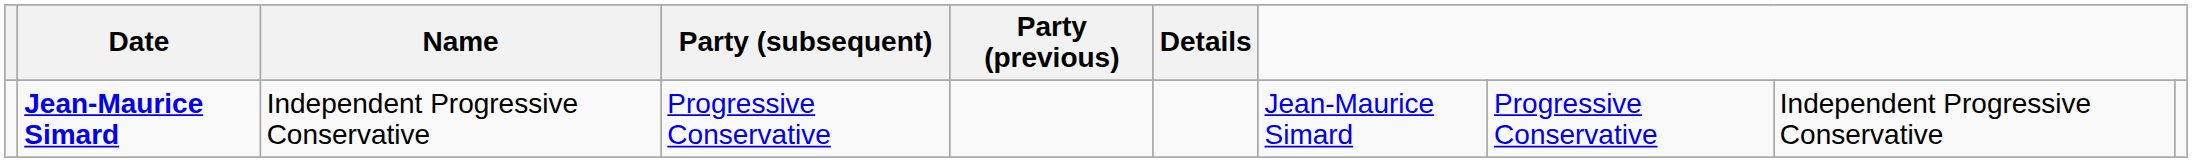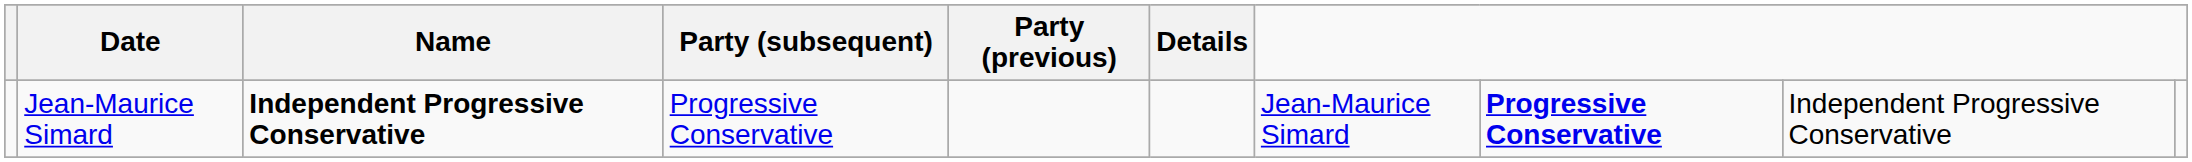 <table class="sortable wikitable">
 <tr>
 <th class="unsortable"></th>
 <th>Date</th>
 <th>Name</th>
 <th>Party (subsequent)</th>
 <th>Party (previous)</th>
 <th>Details</th>
 </tr>
 <tr>
 <td></td>
-<td><strong><a href='#'>Jean-Maurice Simard</a></strong></td>
-<td>Independent Progressive Conservative</td>
+<td><a href='#'>Jean-Maurice Simard</a></td>
+<td><strong>Independent Progressive Conservative</strong></td>
 <td><a href='#'>Progressive Conservative</a></td>
 <td><br></td>
 <td></td>
 <td><a href='#'>Jean-Maurice Simard</a></td>
-<td><a href='#'>Progressive Conservative</a></td>
+<td><strong><a href='#'>Progressive Conservative</a></strong></td>
 <td>Independent Progressive Conservative</td>
 <td></td>
 </tr>
 </table>
